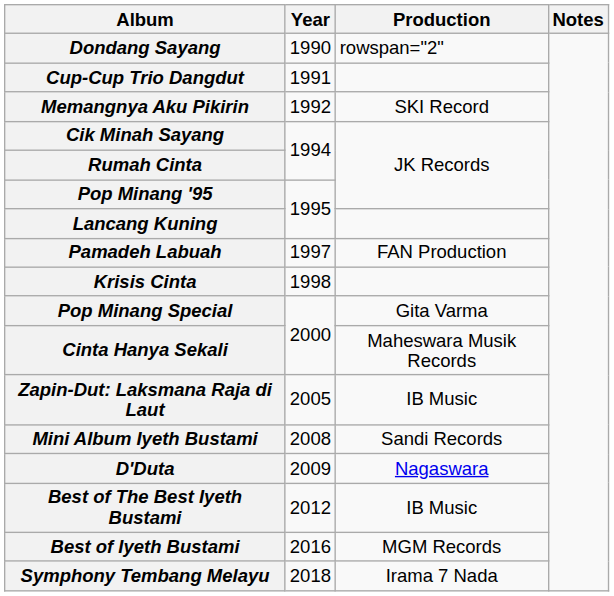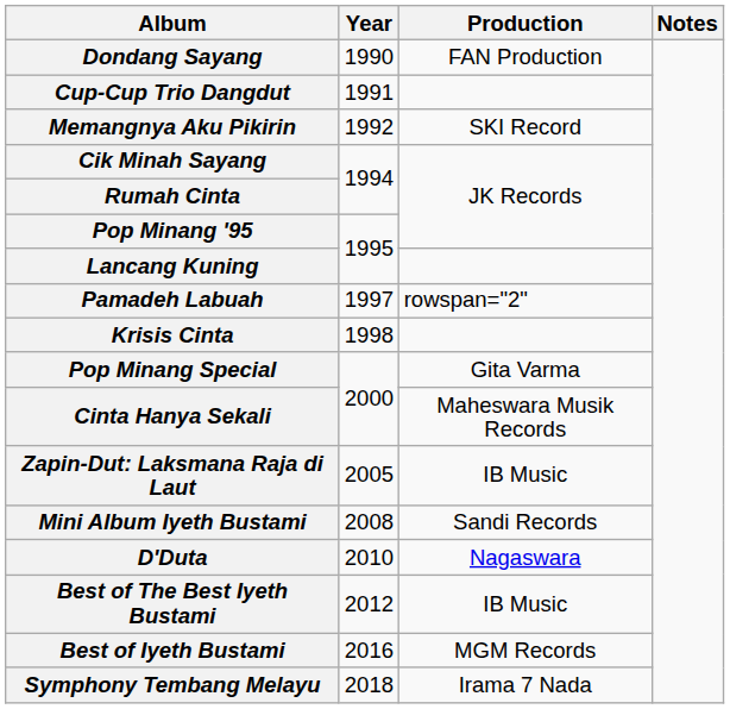 <table class="wikitable" style="font-size:85%">
 <tr>
 <th width="200">Album</th>
 <th width="20">Year</th>
 <th width="150">Production</th>
 <th>Notes</th>
 </tr>
 <tr>
 <th><em>Dondang Sayang</em></th>
 <td rowspan="1">1990</td>
-<td>rowspan="2" </td>
+<td style="text-align: center;">FAN Production</td>
 <td rowspan="17"></td>
 </tr>
 <tr>
 <th><em>Cup-Cup Trio Dangdut</em></th>
 <td>1991</td>
 </tr>
 <tr>
 <th><em>Memangnya Aku Pikirin</em></th>
 <td>1992</td>
 <td style="text-align: center;">SKI Record</td>
 </tr>
 <tr>
 <th><em>Cik Minah Sayang</em></th>
 <td rowspan="2">1994</td>
 <td rowspan="3" style="text-align: center;">JK Records</td>
 </tr>
 <tr>
 <th><em>Rumah Cinta</em></th>
 </tr>
 <tr>
 <th><em>Pop Minang '95</em></th>
 <td rowspan="2">1995</td>
 </tr>
 <tr>
 <th><em>Lancang Kuning</em></th>
 <td></td>
 </tr>
 <tr>
 <th><em>Pamadeh Labuah</em></th>
 <td>1997</td>
-<td style="text-align: center;">FAN Production</td>
+<td>rowspan="2" </td>
 </tr>
 <tr>
 <th><em>Krisis Cinta</em></th>
 <td>1998</td>
 <td></td>
 </tr>
 <tr>
 <th><em>Pop Minang Special</em></th>
 <td rowspan="2">2000</td>
 <td style="text-align: center;">Gita Varma</td>
 </tr>
 <tr>
 <th><em>Cinta Hanya Sekali</em></th>
 <td style="text-align: center;">Maheswara Musik Records</td>
 </tr>
 <tr>
 <th><em>Zapin-Dut: Laksmana Raja di Laut</em></th>
 <td>2005</td>
 <td style="text-align: center;">IB Music</td>
 </tr>
 <tr>
 <th><em>Mini Album Iyeth Bustami</em></th>
 <td>2008</td>
 <td style="text-align: center;">Sandi Records</td>
 </tr>
 <tr>
 <th><em>D'Duta</em></th>
-<td>2009</td>
+<td>2010</td>
 <td style="text-align: center;"><a href='#'>Nagaswara</a></td>
 </tr>
 <tr>
 <th><em>Best of The Best Iyeth Bustami</em></th>
 <td>2012</td>
 <td style="text-align: center;">IB Music</td>
 </tr>
 <tr>
 <th><em>Best of Iyeth Bustami</em></th>
 <td>2016</td>
 <td style="text-align: center;">MGM Records</td>
 </tr>
 <tr>
 <th><em>Symphony Tembang Melayu</em></th>
 <td>2018</td>
 <td style="text-align: center;">Irama 7 Nada</td>
 </tr>
 </table>
